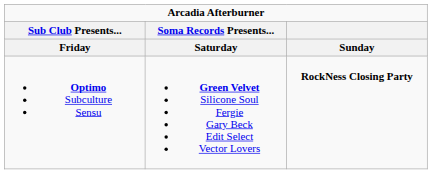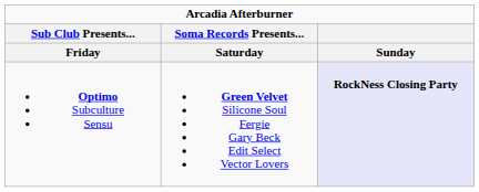 <table class="wikitable">
 <tr>
 <td colspan="3" align="center"><strong>Arcadia Afterburner</strong></td>
 </tr>
 <tr>
 <th><a href='#'>Sub Club</a> Presents...</th>
 <th><a href='#'>Soma Records</a> Presents...</th>
 <th></th>
 </tr>
 <tr>
 <th>Friday</th>
 <th>Saturday</th>
 <th>Sunday</th>
 </tr>
 <tr>
 <td valign="top" align="center" width=200><br><ul><li><strong><a href='#'>Optimo</a></strong></li><li><a href='#'>Subculture</a></li><li><a href='#'>Sensu</a></li></ul></td>
 <td valign="top" align="center" width=200><br><ul><li><strong><a href='#'>Green Velvet</a></strong></li><li><a href='#'>Silicone Soul</a></li><li><a href='#'>Fergie</a></li><li><a href='#'>Gary Beck</a></li><li><a href='#'>Edit Select</a></li><li><a href='#'>Vector Lovers</a></li></ul></td>
-<td valign="top" align="center" width=200><br><strong>RockNess Closing Party</strong></td>
+<td valign="top" align="center" width=200 style="background: lavender;"><br><strong>RockNess Closing Party</strong></td>
 </tr>
 </table>
